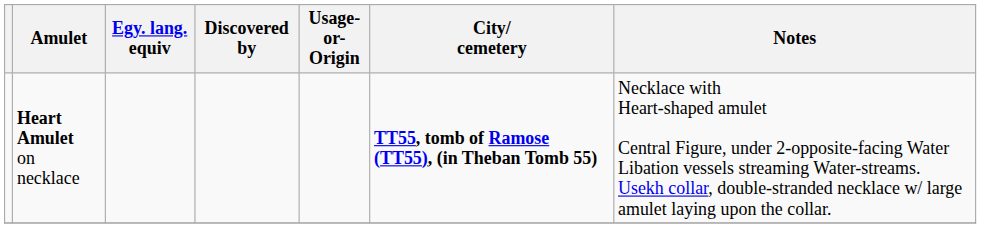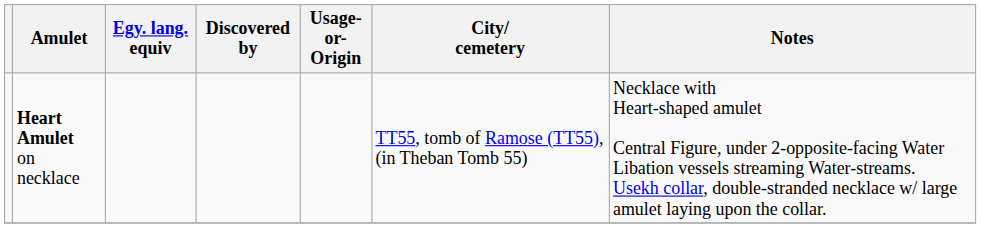 <table class="wikitable sortable">
 <tr style="background:#efefef;">
 <th></th>
 <th><strong>Amulet</strong></th>
 <th><a href='#'>Egy. lang.</a> equiv</th>
 <th>Discovered by</th>
 <th>Usage-or-<br>Origin</th>
 <th>City/<br>cemetery</th>
 <th>Notes</th>
 </tr>
 <tr>
 <td></td>
 <td><strong>Heart Amulet</strong> <br>on necklace</td>
 <td></td>
 <td></td>
 <td></td>
-<td><strong><a href='#'>TT55</a>, tomb of <a href='#'>Ramose (TT55)</a>, (in Theban Tomb 55)</strong></td>
+<td><a href='#'>TT55</a>, tomb of <a href='#'>Ramose (TT55)</a>, (in Theban Tomb 55)</td>
 <td>Necklace with <br>Heart-shaped amulet<br><br>Central Figure, under 2-opposite-facing Water Libation vessels streaming Water-streams.<br><a href='#'>Usekh collar</a>, double-stranded necklace w/ large amulet laying upon the collar.<br></td>
 </tr>
 <tr>
 </tr>
 </table>
